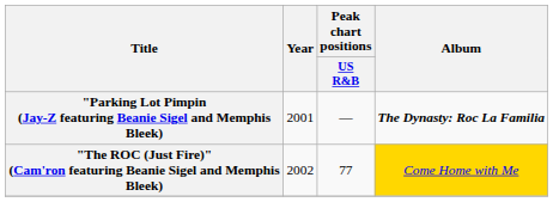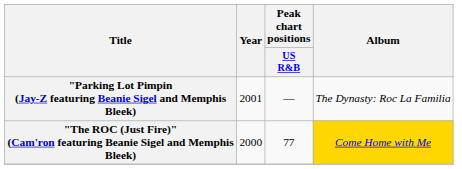 <table class="wikitable plainrowheaders" style="text-align:center;">
 <tr>
 <th scope="col" rowspan="2" style="width:20em;">Title</th>
 <th scope="col" rowspan="2">Year</th>
 <th scope="col" colspan="1">Peak chart positions</th>
 <th scope="col" rowspan="2">Album</th>
 </tr>
 <tr>
 <th style="width:3em;font-size:90%;"><a href='#'>US<br>R&B</a><br></th>
 </tr>
 <tr>
 <th scope="row">"Parking Lot Pimpin<br><span>(<a href='#'>Jay-Z</a> featuring <a href='#'>Beanie Sigel</a> and Memphis Bleek)</span></th>
 <td>2001</td>
 <td>—</td>
-<td><strong><em>The Dynasty: Roc La Familia</em></strong></td>
+<td><em>The Dynasty: Roc La Familia</em></td>
 </tr>
 <tr>
 <th scope="row">"The ROC (Just Fire)"<br><span>(<a href='#'>Cam'ron</a> featuring Beanie Sigel and Memphis Bleek)</span></th>
-<td>2002</td>
+<td>2000</td>
 <td>77</td>
 <td style="background: gold;"><em><a href='#'>Come Home with Me</a></em></td>
 </tr>
 <tr>
 </tr>
 </table>
